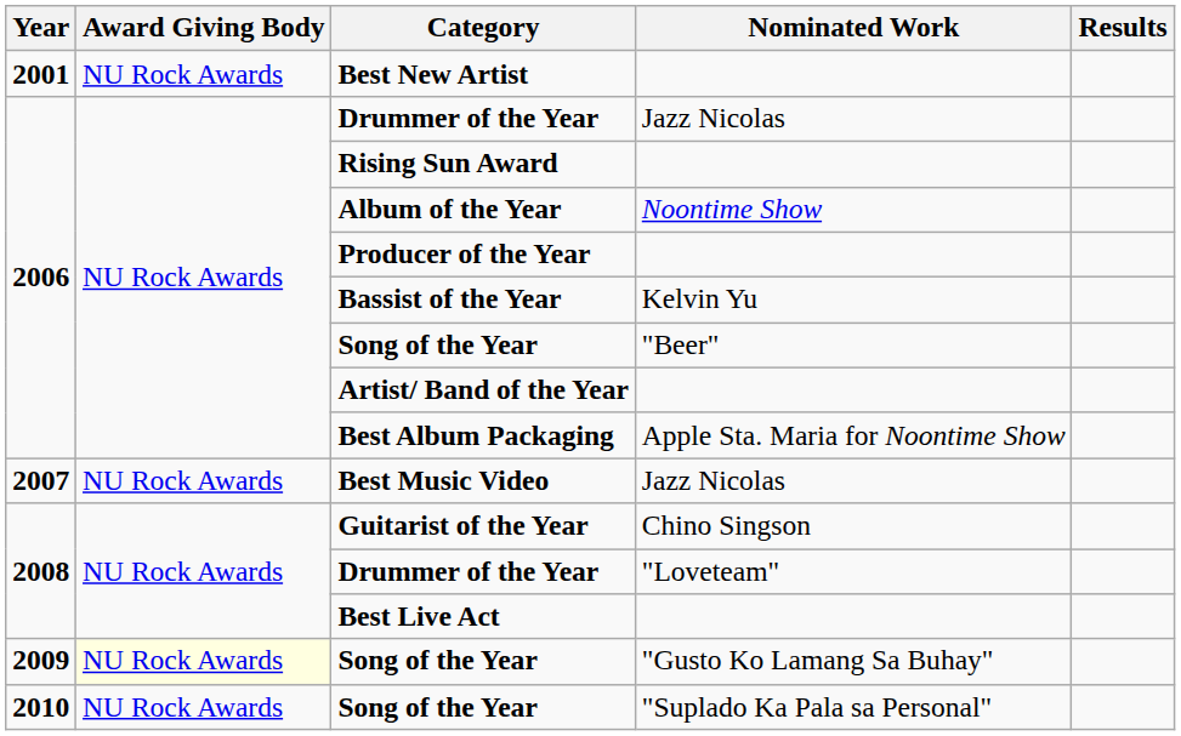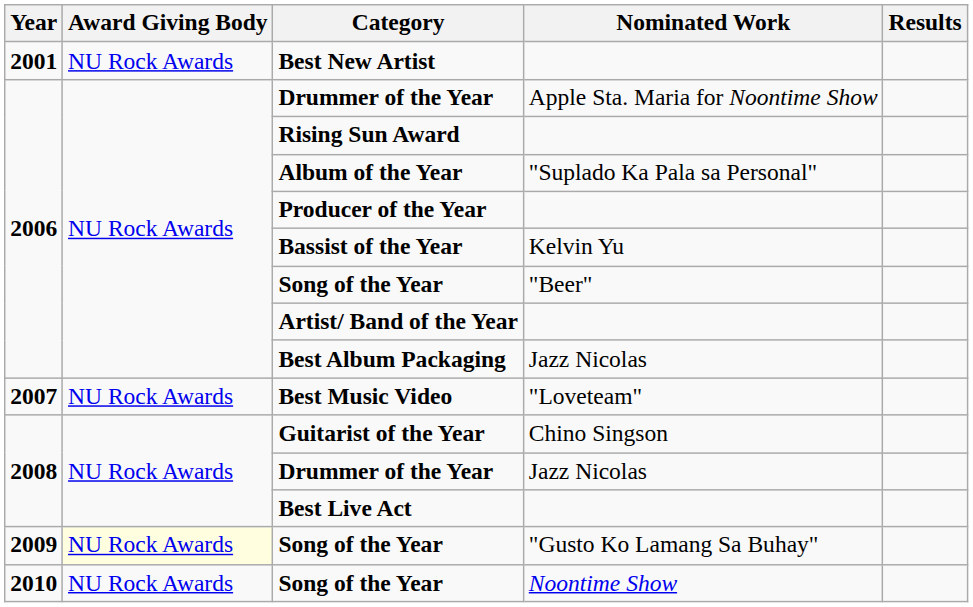 <table class="wikitable">
 <tr>
 <th>Year</th>
 <th>Award Giving Body</th>
 <th>Category</th>
 <th>Nominated Work</th>
 <th>Results</th>
 </tr>
 <tr>
 <td><strong>2001</strong></td>
 <td><a href='#'>NU Rock Awards</a></td>
 <td><strong>Best New Artist</strong></td>
 <td></td>
 <td></td>
 </tr>
 <tr>
 <td rowspan=8><strong>2006</strong></td>
 <td rowspan=8><a href='#'>NU Rock Awards</a></td>
 <td><strong>Drummer of the Year</strong></td>
-<td align=left>Jazz Nicolas</td>
+<td>Apple Sta. Maria for <em>Noontime Show</em></td>
 <td></td>
 </tr>
 <tr>
 <td><strong>Rising Sun Award</strong></td>
 <td></td>
 <td></td>
 </tr>
 <tr>
 <td><strong>Album of the Year</strong></td>
-<td><em><a href='#'>Noontime Show</a></em></td>
+<td>"Suplado Ka Pala sa Personal"</td>
 <td></td>
 </tr>
 <tr>
 <td><strong>Producer of the Year</strong></td>
 <td></td>
 <td></td>
 </tr>
 <tr>
 <td><strong>Bassist of the Year</strong></td>
 <td>Kelvin Yu</td>
 <td></td>
 </tr>
 <tr>
 <td><strong>Song of the Year</strong></td>
 <td>"Beer"</td>
 <td></td>
 </tr>
 <tr>
 <td><strong>Artist/ Band of the Year</strong></td>
 <td></td>
 <td></td>
 </tr>
 <tr>
 <td><strong>Best Album Packaging</strong></td>
-<td>Apple Sta. Maria for <em>Noontime Show</em></td>
+<td align=left>Jazz Nicolas</td>
 <td></td>
 </tr>
 <tr>
 <td><strong>2007</strong></td>
 <td><a href='#'>NU Rock Awards</a></td>
 <td><strong>Best Music Video</strong></td>
-<td>Jazz Nicolas</td>
+<td>"Loveteam"</td>
 <td></td>
 </tr>
 <tr>
 <td rowspan=3><strong>2008</strong></td>
 <td rowspan=3><a href='#'>NU Rock Awards</a></td>
 <td><strong>Guitarist of the Year</strong></td>
 <td>Chino Singson</td>
 <td></td>
 </tr>
 <tr>
 <td><strong>Drummer of the Year</strong></td>
-<td>"Loveteam"</td>
+<td>Jazz Nicolas</td>
 <td></td>
 </tr>
 <tr>
 <td><strong>Best Live Act</strong></td>
 <td></td>
 <td></td>
 </tr>
 <tr>
 <td><strong>2009</strong></td>
 <td style="background: lightyellow;"><a href='#'>NU Rock Awards</a></td>
 <td><strong>Song of the Year</strong></td>
 <td>"Gusto Ko Lamang Sa Buhay"</td>
 <td></td>
 </tr>
 <tr>
 <td><strong>2010</strong></td>
 <td><a href='#'>NU Rock Awards</a></td>
 <td><strong>Song of the Year</strong></td>
-<td>"Suplado Ka Pala sa Personal"</td>
+<td><em><a href='#'>Noontime Show</a></em></td>
 <td></td>
 </tr>
 </table>
